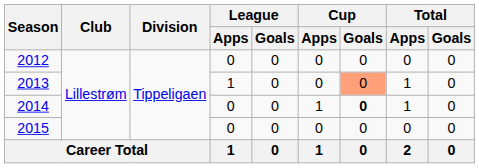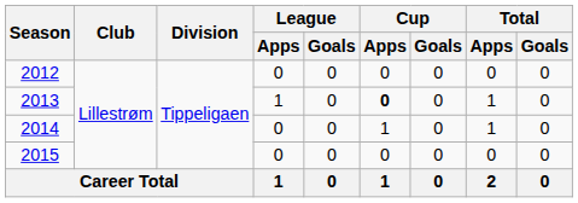 <table class="wikitable" style="text-align: center;">
 <tr>
 <th rowspan="2">Season</th>
 <th rowspan="2">Club</th>
 <th rowspan="2">Division</th>
 <th colspan="2">League</th>
 <th colspan="2">Cup</th>
 <th colspan="2">Total</th>
 </tr>
 <tr>
 <th>Apps</th>
 <th>Goals</th>
 <th>Apps</th>
 <th>Goals</th>
 <th>Apps</th>
 <th>Goals</th>
 </tr>
 <tr>
 <td><a href='#'>2012</a></td>
 <td rowspan="4" valign="center"><a href='#'>Lillestrøm</a></td>
 <td rowspan="4" valign="center"><a href='#'>Tippeligaen</a></td>
 <td>0</td>
 <td>0</td>
 <td>0</td>
 <td>0</td>
 <td>0</td>
 <td>0</td>
 </tr>
 <tr>
 <td><a href='#'>2013</a></td>
 <td>1</td>
 <td>0</td>
+<td><strong>0</strong></td>
 <td>0</td>
-<td style="background: lightsalmon;">0</td>
 <td>1</td>
 <td>0</td>
 </tr>
 <tr>
 <td><a href='#'>2014</a></td>
 <td>0</td>
 <td>0</td>
 <td>1</td>
-<td><strong>0</strong></td>
+<td>0</td>
 <td>1</td>
 <td>0</td>
 </tr>
 <tr>
 <td><a href='#'>2015</a></td>
 <td>0</td>
 <td>0</td>
 <td>0</td>
 <td>0</td>
 <td>0</td>
 <td>0</td>
 </tr>
 <tr>
 <th colspan="3">Career Total</th>
 <th>1</th>
 <th>0</th>
 <th>1</th>
 <th>0</th>
 <th>2</th>
 <th>0</th>
 </tr>
 </table>
